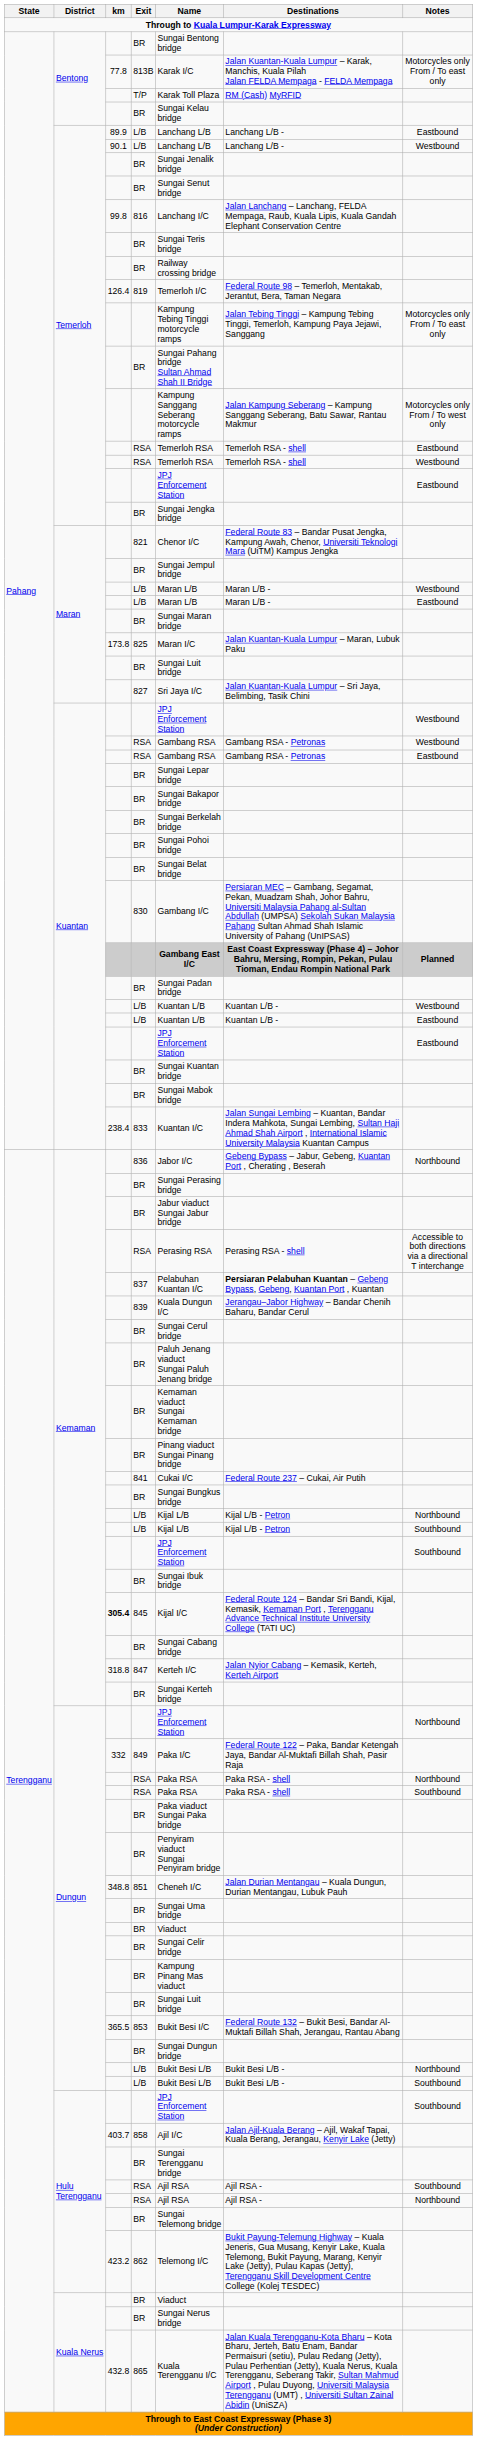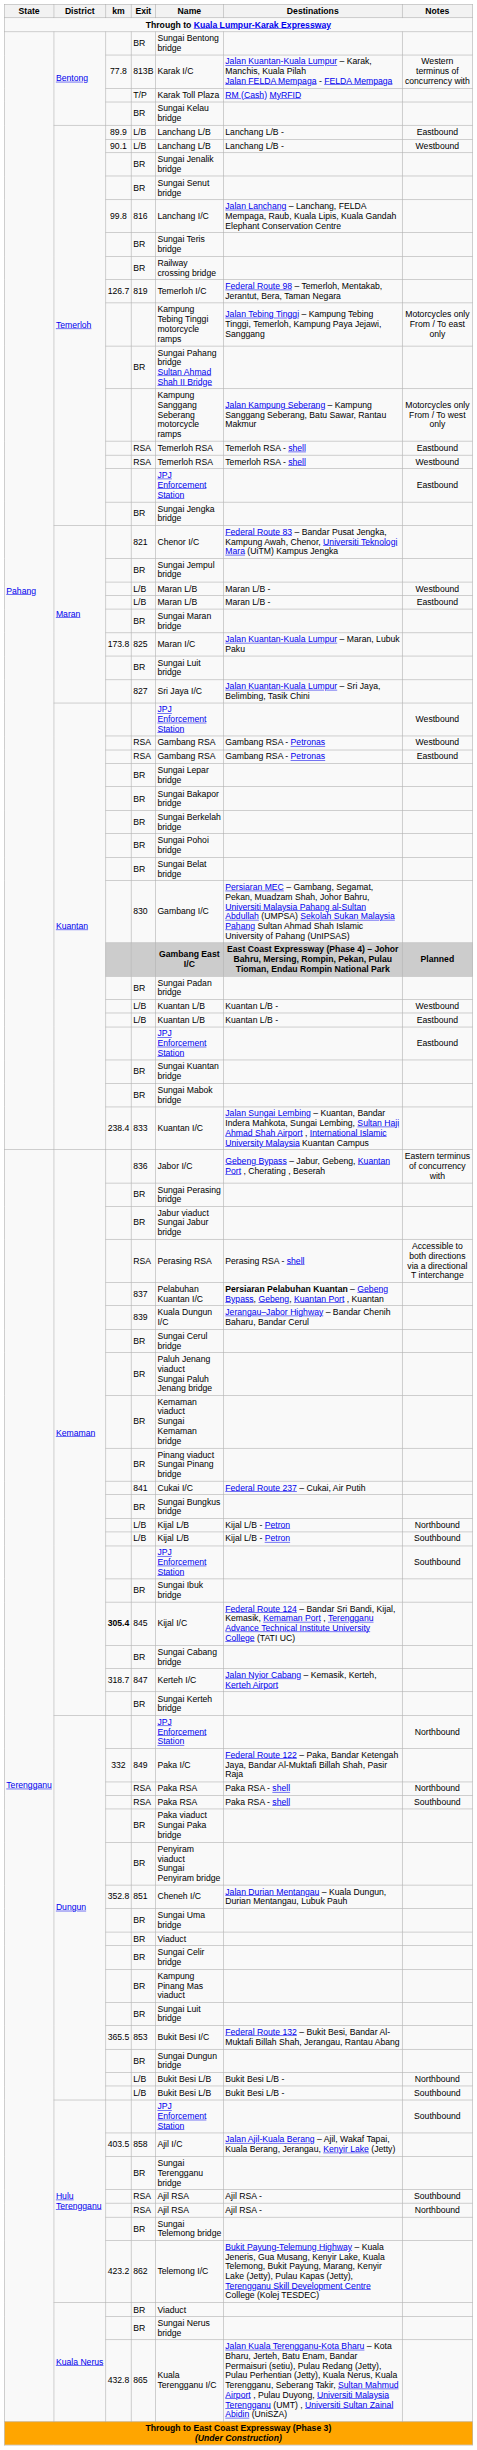 <table class=wikitable>
 <tr>
 <th scope=col>State</th>
 <th scope=col>District</th>
 <th scope=col>km</th>
 <th scope=col>Exit</th>
 <th scope=col>Name</th>
 <th scope=col>Destinations</th>
 <th scope=col>Notes</th>
 </tr>
 <tr>
 <td colspan="7" style="text-align: center;"><strong>Through to   <a href='#'>Kuala Lumpur-Karak Expressway</a></strong></td>
 </tr>
 <tr>
 <td rowspan="44" style="width:1em;"><a href='#'>Pahang</a></td>
 <td rowspan="4"><a href='#'>Bentong</a></td>
 <td style="text-align: center;"></td>
 <td>BR</td>
 <td>Sungai Bentong bridge</td>
 <td></td>
 <td style="text-align: center;"></td>
 </tr>
 <tr>
 <td style="text-align: center;">77.8</td>
 <td>813B</td>
 <td>Karak I/C</td>
 <td> <a href='#'>Jalan Kuantan-Kuala Lumpur</a> – Karak, Manchis, Kuala Pilah<br> <a href='#'>Jalan FELDA Mempaga</a> - <a href='#'>FELDA Mempaga</a></td>
-<td style="text-align: center;">Motorcycles only<br>From / To east only</td>
+<td style="text-align: center;">Western terminus of concurrency with </td>
 </tr>
 <tr>
 <td style="text-align: center;"></td>
 <td>T/P</td>
 <td>Karak Toll Plaza</td>
 <td><a href='#'><span>RM (Cash)</span></a>   <a href='#'><span>My</span><span>RFID</span></a>  </td>
 <td style="text-align: center;"></td>
 </tr>
 <tr>
 <td style="text-align: center;"></td>
 <td>BR</td>
 <td>Sungai Kelau bridge</td>
 <td></td>
 <td style="text-align: center;"></td>
 </tr>
 <tr>
 <td rowspan="15"><a href='#'>Temerloh</a></td>
 <td style="text-align: center;">89.9</td>
 <td>L/B</td>
 <td>Lanchang L/B</td>
 <td> Lanchang L/B -     </td>
 <td style="text-align: center;">Eastbound</td>
 </tr>
 <tr>
 <td style="text-align: center;">90.1</td>
 <td>L/B</td>
 <td>Lanchang L/B</td>
 <td> Lanchang L/B -     </td>
 <td style="text-align: center;">Westbound</td>
 </tr>
 <tr>
 <td style="text-align: center;"></td>
 <td>BR</td>
 <td>Sungai Jenalik bridge</td>
 <td></td>
 <td style="text-align: center;"></td>
 </tr>
 <tr>
 <td style="text-align: center;"></td>
 <td>BR</td>
 <td>Sungai Senut bridge</td>
 <td></td>
 <td style="text-align: center;"></td>
 </tr>
 <tr>
 <td style="text-align: center;">99.8</td>
 <td>816</td>
 <td>Lanchang I/C</td>
 <td> <a href='#'>Jalan Lanchang</a> – Lanchang, FELDA Mempaga, Raub, Kuala Lipis, Kuala Gandah Elephant Conservation Centre</td>
 <td style="text-align: center;"></td>
 </tr>
 <tr>
 <td style="text-align: center;"></td>
 <td>BR</td>
 <td>Sungai Teris bridge</td>
 <td></td>
 <td style="text-align: center;"></td>
 </tr>
 <tr>
 <td style="text-align: center;"></td>
 <td>BR</td>
 <td>Railway crossing bridge</td>
 <td></td>
 <td style="text-align: center;"></td>
 </tr>
 <tr>
-<td style="text-align: center;">126.4</td>
+<td style="text-align: center;">126.7</td>
 <td>819</td>
 <td>Temerloh I/C</td>
 <td> <a href='#'>Federal Route 98</a> – Temerloh, Mentakab, Jerantut, Bera, Taman Negara</td>
 <td style="text-align: center;"></td>
 </tr>
 <tr>
 <td style="text-align: center;"></td>
 <td></td>
 <td>Kampung Tebing Tinggi motorcycle ramps</td>
 <td> <a href='#'>Jalan Tebing Tinggi</a> – Kampung Tebing Tinggi, Temerloh, Kampung Paya Jejawi, Sanggang</td>
 <td style="text-align: center;">Motorcycles only<br>From / To east only</td>
 </tr>
 <tr>
 <td style="text-align: center;"></td>
 <td>BR</td>
 <td>Sungai Pahang bridge<br><a href='#'>Sultan Ahmad Shah II Bridge</a></td>
 <td></td>
 <td style="text-align: center;"></td>
 </tr>
 <tr>
 <td style="text-align: center;"></td>
 <td></td>
 <td>Kampung Sanggang Seberang motorcycle ramps</td>
 <td> <a href='#'>Jalan Kampung Seberang</a> – Kampung Sanggang Seberang, Batu Sawar, Rantau Makmur</td>
 <td style="text-align: center;">Motorcycles only<br>From / To west only</td>
 </tr>
 <tr>
 <td style="text-align: center;"></td>
 <td>RSA</td>
 <td>Temerloh RSA</td>
 <td> Temerloh RSA -         <a href='#'>shell</a></td>
 <td style="text-align: center;">Eastbound</td>
 </tr>
 <tr>
 <td style="text-align: center;"></td>
 <td>RSA</td>
 <td>Temerloh RSA</td>
 <td> Temerloh RSA -         <a href='#'>shell</a></td>
 <td style="text-align: center;">Westbound</td>
 </tr>
 <tr>
 <td style="text-align: center;"></td>
 <td></td>
 <td><a href='#'>JPJ Enforcement Station</a></td>
 <td></td>
 <td style="text-align: center;">Eastbound</td>
 </tr>
 <tr>
 <td style="text-align: center;"></td>
 <td>BR</td>
 <td>Sungai Jengka bridge</td>
 <td></td>
 <td style="text-align: center;"></td>
 </tr>
 <tr>
 <td rowspan="8"><a href='#'>Maran</a></td>
 <td style="text-align: center;"></td>
 <td>821</td>
 <td>Chenor I/C</td>
 <td> <a href='#'>Federal Route 83</a> – Bandar Pusat Jengka, Kampung Awah, Chenor, <a href='#'>Universiti Teknologi Mara</a> (UiTM) Kampus Jengka </td>
 <td style="text-align: center;"></td>
 </tr>
 <tr>
 <td style="text-align: center;"></td>
 <td>BR</td>
 <td>Sungai Jempul bridge</td>
 <td></td>
 <td style="text-align: center;"></td>
 </tr>
 <tr>
 <td style="text-align: center;"></td>
 <td>L/B</td>
 <td>Maran L/B</td>
 <td> Maran L/B -     </td>
 <td style="text-align: center;">Westbound</td>
 </tr>
 <tr>
 <td style="text-align: center;"></td>
 <td>L/B</td>
 <td>Maran L/B</td>
 <td> Maran L/B -     </td>
 <td style="text-align: center;">Eastbound</td>
 </tr>
 <tr>
 <td style="text-align: center;"></td>
 <td>BR</td>
 <td>Sungai Maran bridge</td>
 <td></td>
 <td style="text-align: center;"></td>
 </tr>
 <tr>
 <td style="text-align: center;">173.8</td>
 <td>825</td>
 <td>Maran I/C</td>
 <td> <a href='#'>Jalan Kuantan-Kuala Lumpur</a> – Maran, Lubuk Paku</td>
 <td style="text-align: center;"></td>
 </tr>
 <tr>
 <td style="text-align: center;"></td>
 <td>BR</td>
 <td>Sungai Luit bridge</td>
 <td></td>
 <td style="text-align: center;"></td>
 </tr>
 <tr>
 <td style="text-align: center;"></td>
 <td>827</td>
 <td>Sri Jaya I/C</td>
 <td> <a href='#'>Jalan Kuantan-Kuala Lumpur</a> – Sri Jaya, Belimbing, Tasik Chini </td>
 <td style="text-align: center;"></td>
 </tr>
 <tr>
 <td rowspan="17"><a href='#'>Kuantan</a></td>
 <td style="text-align: center;"></td>
 <td></td>
 <td><a href='#'>JPJ Enforcement Station</a></td>
 <td></td>
 <td style="text-align: center;">Westbound</td>
 </tr>
 <tr>
 <td style="text-align: center;"></td>
 <td>RSA</td>
 <td>Gambang RSA</td>
 <td> Gambang RSA -         <a href='#'>Petronas</a></td>
 <td style="text-align: center;">Westbound</td>
 </tr>
 <tr>
 <td style="text-align: center;"></td>
 <td>RSA</td>
 <td>Gambang RSA</td>
 <td> Gambang RSA -         <a href='#'>Petronas</a></td>
 <td style="text-align: center;">Eastbound</td>
 </tr>
 <tr>
 <td style="text-align: center;"></td>
 <td>BR</td>
 <td>Sungai Lepar bridge</td>
 <td></td>
 <td style="text-align: center;"></td>
 </tr>
 <tr>
 <td style="text-align: center;"></td>
 <td>BR</td>
 <td>Sungai Bakapor bridge</td>
 <td></td>
 <td style="text-align: center;"></td>
 </tr>
 <tr>
 <td style="text-align: center;"></td>
 <td>BR</td>
 <td>Sungai Berkelah bridge</td>
 <td></td>
 <td style="text-align: center;"></td>
 </tr>
 <tr>
 <td style="text-align: center;"></td>
 <td>BR</td>
 <td>Sungai Pohoi bridge</td>
 <td></td>
 <td style="text-align: center;"></td>
 </tr>
 <tr>
 <td style="text-align: center;"></td>
 <td>BR</td>
 <td>Sungai Belat bridge</td>
 <td></td>
 <td style="text-align: center;"></td>
 </tr>
 <tr>
 <td style="text-align: center;"></td>
 <td>830</td>
 <td>Gambang I/C</td>
 <td>  <a href='#'>Persiaran MEC</a> – Gambang, Segamat, Pekan, Muadzam Shah, Johor Bahru, <a href='#'>Universiti Malaysia Pahang al-Sultan Abdullah</a> (UMPSA)  <a href='#'>Sekolah Sukan Malaysia Pahang</a>  Sultan Ahmad Shah Islamic University of Pahang (UnIPSAS) </td>
 <td style="text-align: center;"></td>
 </tr>
 <tr>
 <th style="background-color: #CCC;"></th>
 <th style="background-color: #CCC;"></th>
 <th style="background-color: #CCC;">Gambang East I/C</th>
 <th style="background-color: #CCC;"> East Coast Expressway (Phase 4) – Johor Bahru, Mersing, Rompin, Pekan, Pulau Tioman, Endau Rompin National Park</th>
 <th style="background-color: #CCC;">Planned</th>
 </tr>
 <tr>
 <td style="text-align: center;"></td>
 <td>BR</td>
 <td>Sungai Padan bridge</td>
 <td></td>
 <td style="text-align: center;"></td>
 </tr>
 <tr>
 <td style="text-align: center;"></td>
 <td>L/B</td>
 <td>Kuantan L/B</td>
 <td> Kuantan L/B -     </td>
 <td style="text-align: center;">Westbound</td>
 </tr>
 <tr>
 <td style="text-align: center;"></td>
 <td>L/B</td>
 <td>Kuantan L/B</td>
 <td> Kuantan L/B -     </td>
 <td style="text-align: center;">Eastbound</td>
 </tr>
 <tr>
 <td style="text-align: center;"></td>
 <td></td>
 <td><a href='#'>JPJ Enforcement Station</a></td>
 <td></td>
 <td style="text-align: center;">Eastbound</td>
 </tr>
 <tr>
 <td style="text-align: center;"></td>
 <td>BR</td>
 <td>Sungai Kuantan bridge</td>
 <td></td>
 <td style="text-align: center;"></td>
 </tr>
 <tr>
 <td style="text-align: center;"></td>
 <td>BR</td>
 <td>Sungai Mabok bridge</td>
 <td></td>
 <td style="text-align: center;"></td>
 </tr>
 <tr>
 <td style="text-align: center;">238.4</td>
 <td>833</td>
 <td>Kuantan I/C</td>
 <td> <a href='#'>Jalan Sungai Lembing</a> – Kuantan, Bandar Indera Mahkota, Sungai Lembing, <a href='#'>Sultan Haji Ahmad Shah Airport</a> , <a href='#'>International Islamic University Malaysia</a> Kuantan Campus </td>
 <td style="text-align: center;"></td>
 </tr>
 <tr>
 <td rowspan="46" style="width:1em;"><a href='#'>Terengganu</a></td>
 <td rowspan="20"><a href='#'>Kemaman</a></td>
 <td></td>
 <td>836</td>
 <td>Jabor I/C</td>
 <td>  <a href='#'>Gebeng Bypass</a> – Jabur, Gebeng, <a href='#'>Kuantan Port</a> , Cherating , Beserah </td>
-<td style="text-align: center;">Northbound</td>
+<td style="text-align: center;">Eastern terminus of concurrency with </td>
 </tr>
 <tr>
 <td></td>
 <td>BR</td>
 <td>Sungai Perasing bridge</td>
 <td></td>
 <td style="text-align: center;"></td>
 </tr>
 <tr>
 <td></td>
 <td>BR</td>
 <td>Jabur viaduct<br>Sungai Jabur bridge</td>
 <td></td>
 <td style="text-align: center;"></td>
 </tr>
 <tr>
 <td></td>
 <td>RSA</td>
 <td>Perasing RSA</td>
 <td> Perasing RSA -         <a href='#'>shell</a></td>
 <td style="text-align: center;">Accessible to both directions via a directional T interchange</td>
 </tr>
 <tr>
 <td></td>
 <td>837</td>
 <td>Pelabuhan Kuantan I/C</td>
 <td><strong>Persiaran Pelabuhan Kuantan</strong>  – <a href='#'>Gebeng Bypass</a>, <a href='#'>Gebeng</a>, <a href='#'>Kuantan Port</a> , Kuantan</td>
 <td></td>
 </tr>
 <tr>
 <td></td>
 <td>839</td>
 <td>Kuala Dungun I/C</td>
 <td> <a href='#'>Jerangau–Jabor Highway</a> – Bandar Chenih Baharu, Bandar Cerul</td>
 <td style="text-align: center;"></td>
 </tr>
 <tr>
 <td></td>
 <td>BR</td>
 <td>Sungai Cerul bridge</td>
 <td></td>
 <td></td>
 </tr>
 <tr>
 <td></td>
 <td>BR</td>
 <td>Paluh Jenang viaduct<br>Sungai Paluh Jenang bridge</td>
 <td></td>
 <td></td>
 </tr>
 <tr>
 <td></td>
 <td>BR</td>
 <td>Kemaman viaduct<br>Sungai Kemaman bridge</td>
 <td></td>
 <td></td>
 </tr>
 <tr>
 <td></td>
 <td>BR</td>
 <td>Pinang viaduct<br>Sungai Pinang bridge</td>
 <td></td>
 <td></td>
 </tr>
 <tr>
 <td></td>
 <td>841</td>
 <td>Cukai I/C</td>
 <td> <a href='#'>Federal Route 237</a> – Cukai, Air Putih</td>
 <td></td>
 </tr>
 <tr>
 <td></td>
 <td>BR</td>
 <td>Sungai Bungkus bridge</td>
 <td></td>
 <td></td>
 </tr>
 <tr>
 <td></td>
 <td>L/B</td>
 <td>Kijal L/B</td>
 <td> Kijal L/B -       <a href='#'>Petron</a></td>
 <td style="text-align: center;">Northbound</td>
 </tr>
 <tr>
 <td></td>
 <td>L/B</td>
 <td>Kijal L/B</td>
 <td> Kijal L/B -       <a href='#'>Petron</a></td>
 <td style="text-align: center;">Southbound</td>
 </tr>
 <tr>
 <td></td>
 <td></td>
 <td><a href='#'>JPJ Enforcement Station</a></td>
 <td></td>
 <td style="text-align: center;">Southbound</td>
 </tr>
 <tr>
 <td></td>
 <td>BR</td>
 <td>Sungai Ibuk bridge</td>
 <td></td>
 <td></td>
 </tr>
 <tr>
 <td style="text-align: center;"><strong>305.4</strong></td>
 <td>845</td>
 <td>Kijal I/C</td>
 <td> <a href='#'>Federal Route 124</a> – Bandar Sri Bandi, Kijal, Kemasik, <a href='#'>Kemaman Port</a> , <a href='#'>Terengganu Advance Technical Institute University College</a> (TATI UC) </td>
 <td style="text-align: center;"></td>
 </tr>
 <tr>
 <td style="text-align: center;"></td>
 <td>BR</td>
 <td>Sungai Cabang bridge</td>
 <td></td>
 <td style="text-align: center;"></td>
 </tr>
 <tr>
-<td style="text-align: center;">318.8</td>
+<td style="text-align: center;">318.7</td>
 <td>847</td>
 <td>Kerteh I/C</td>
 <td> <a href='#'>Jalan Nyior Cabang</a> – Kemasik, Kerteh, <a href='#'>Kerteh Airport</a> </td>
 <td style="text-align: center;"></td>
 </tr>
 <tr>
 <td style="text-align: center;"></td>
 <td>BR</td>
 <td>Sungai Kerteh bridge</td>
 <td></td>
 <td style="text-align: center;"></td>
 </tr>
 <tr>
 <td rowspan="16"><a href='#'>Dungun</a></td>
 <td></td>
 <td></td>
 <td><a href='#'>JPJ Enforcement Station</a></td>
 <td></td>
 <td style="text-align: center;">Northbound</td>
 </tr>
 <tr>
 <td style="text-align: center;">332</td>
 <td>849</td>
 <td>Paka I/C</td>
 <td> <a href='#'>Federal Route 122</a> – Paka, Bandar Ketengah Jaya, Bandar Al-Muktafi Billah Shah, Pasir Raja</td>
 <td style="text-align: center;"></td>
 </tr>
 <tr>
 <td style="text-align: center;"></td>
 <td>RSA</td>
 <td>Paka RSA</td>
 <td> Paka RSA -         <a href='#'>shell</a></td>
 <td style="text-align: center;">Northbound</td>
 </tr>
 <tr>
 <td style="text-align: center;"></td>
 <td>RSA</td>
 <td>Paka RSA</td>
 <td> Paka RSA -         <a href='#'>shell</a></td>
 <td style="text-align: center;">Southbound</td>
 </tr>
 <tr>
 <td style="text-align: center;"></td>
 <td>BR</td>
 <td>Paka viaduct<br>Sungai Paka bridge</td>
 <td></td>
 <td style="text-align: center;"></td>
 </tr>
 <tr>
 <td style="text-align: center;"></td>
 <td>BR</td>
 <td>Penyiram viaduct<br>Sungai Penyiram bridge</td>
 <td></td>
 <td style="text-align: center;"></td>
 </tr>
 <tr>
-<td style="text-align: center;">348.8</td>
+<td style="text-align: center;">352.8</td>
 <td>851</td>
 <td>Cheneh I/C</td>
 <td> <a href='#'>Jalan Durian Mentangau</a> – Kuala Dungun, Durian Mentangau, Lubuk Pauh</td>
 <td style="text-align: center;"></td>
 </tr>
 <tr>
 <td style="text-align: center;"></td>
 <td>BR</td>
 <td>Sungai Uma bridge</td>
 <td></td>
 <td style="text-align: center;"></td>
 </tr>
 <tr>
 <td style="text-align: center;"></td>
 <td>BR</td>
 <td>Viaduct</td>
 <td></td>
 <td style="text-align: center;"></td>
 </tr>
 <tr>
 <td style="text-align: center;"></td>
 <td>BR</td>
 <td>Sungai Celir bridge</td>
 <td></td>
 <td style="text-align: center;"></td>
 </tr>
 <tr>
 <td style="text-align: center;"></td>
 <td>BR</td>
 <td>Kampung Pinang Mas viaduct</td>
 <td></td>
 <td style="text-align: center;"></td>
 </tr>
 <tr>
 <td style="text-align: center;"></td>
 <td>BR</td>
 <td>Sungai Luit bridge</td>
 <td></td>
 <td style="text-align: center;"></td>
 </tr>
 <tr>
 <td style="text-align: center;">365.5</td>
 <td>853</td>
 <td>Bukit Besi I/C</td>
 <td> <a href='#'>Federal Route 132</a> – Bukit Besi, Bandar Al-Muktafi Billah Shah, Jerangau, Rantau Abang </td>
 <td style="text-align: center;"></td>
 </tr>
 <tr>
 <td style="text-align: center;"></td>
 <td>BR</td>
 <td>Sungai Dungun bridge</td>
 <td></td>
 <td style="text-align: center;"></td>
 </tr>
 <tr>
 <td style="text-align: center;"></td>
 <td>L/B</td>
 <td>Bukit Besi L/B</td>
 <td> Bukit Besi L/B -     </td>
 <td style="text-align: center;">Northbound</td>
 </tr>
 <tr>
 <td style="text-align: center;"></td>
 <td>L/B</td>
 <td>Bukit Besi L/B</td>
 <td> Bukit Besi L/B -     </td>
 <td style="text-align: center;">Southbound</td>
 </tr>
 <tr>
 <td rowspan="7"><a href='#'>Hulu Terengganu</a></td>
 <td style="text-align: center;"></td>
 <td></td>
 <td><a href='#'>JPJ Enforcement Station</a></td>
 <td></td>
 <td style="text-align: center;">Southbound</td>
 </tr>
 <tr>
-<td style="text-align: center;">403.7</td>
+<td style="text-align: center;">403.5</td>
 <td>858</td>
 <td>Ajil I/C</td>
 <td> <a href='#'>Jalan Ajil-Kuala Berang</a> – Ajil, Wakaf Tapai, Kuala Berang, Jerangau, <a href='#'>Kenyir Lake</a>   (Jetty)</td>
 <td style="text-align: center;"></td>
 </tr>
 <tr>
 <td style="text-align: center;"></td>
 <td>BR</td>
 <td>Sungai Terengganu bridge</td>
 <td></td>
 <td style="text-align: center;"></td>
 </tr>
 <tr>
 <td style="text-align: center;"></td>
 <td>RSA</td>
 <td>Ajil RSA</td>
 <td> Ajil RSA -       </td>
 <td style="text-align: center;">Southbound</td>
 </tr>
 <tr>
 <td style="text-align: center;"></td>
 <td>RSA</td>
 <td>Ajil RSA</td>
 <td> Ajil RSA -       </td>
 <td style="text-align: center;">Northbound</td>
 </tr>
 <tr>
 <td style="text-align: center;"></td>
 <td>BR</td>
 <td>Sungai Telemong bridge</td>
 <td></td>
 <td style="text-align: center;"></td>
 </tr>
 <tr>
 <td style="text-align: center;">423.2</td>
 <td>862</td>
 <td>Telemong I/C</td>
 <td> <a href='#'>Bukit Payung-Telemung Highway</a> – Kuala Jeneris, Gua Musang, Kenyir Lake, Kuala Telemong, Bukit Payung, Marang, Kenyir Lake   (Jetty), Pulau Kapas  (Jetty), <a href='#'>Terengganu Skill Development Centre</a> College (Kolej TESDEC) </td>
 <td style="text-align: center;"></td>
 </tr>
 <tr>
 <td rowspan="3"><a href='#'>Kuala Nerus</a></td>
 <td style="text-align: center;"></td>
 <td>BR</td>
 <td>Viaduct</td>
 <td></td>
 <td style="text-align: center;"></td>
 </tr>
 <tr>
 <td style="text-align: center;"></td>
 <td>BR</td>
 <td>Sungai Nerus bridge</td>
 <td></td>
 <td style="text-align: center;"></td>
 </tr>
 <tr>
 <td style="text-align: center;">432.8</td>
 <td>865</td>
 <td>Kuala Terengganu I/C</td>
 <td>  <a href='#'>Jalan Kuala Terengganu-Kota Bharu</a> – Kota Bharu, Jerteh, Batu Enam, Bandar Permaisuri (setiu), Pulau Redang  (Jetty), Pulau Perhentian  (Jetty), Kuala Nerus, Kuala Terengganu, Seberang Takir, <a href='#'>Sultan Mahmud Airport</a> , Pulau Duyong, <a href='#'>Universiti Malaysia Terengganu</a> (UMT) , <a href='#'>Universiti Sultan Zainal Abidin</a> (UniSZA) </td>
 <td style="text-align: center;"></td>
 </tr>
 <tr>
 <th style="background-color: orange; " colspan="7" style="text-align: center;"><strong>Through to  East Coast Expressway (Phase 3)</strong><br><strong><em>(Under Construction)</em></strong></th>
 </tr>
 </table>
